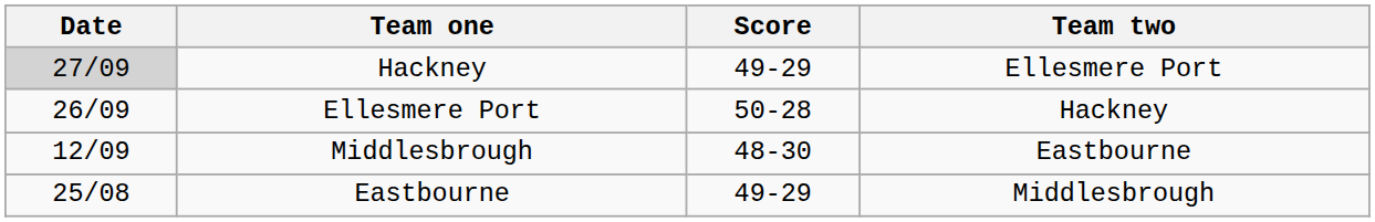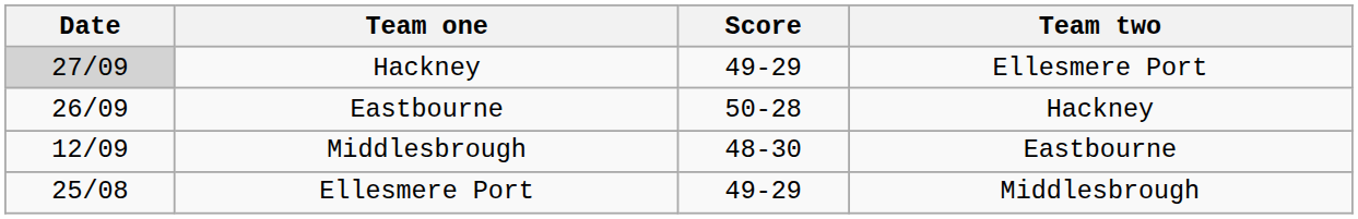 <table class="wikitable" style="text-align: center">
 <tr>
 <th width=80>Date</th>
 <th width=250>Team one</th>
 <th width=80>Score</th>
 <th width=250>Team two</th>
 </tr>
 <tr>
 <td style="background: lightgrey;">27/09</td>
 <td>Hackney</td>
 <td>49-29</td>
 <td>Ellesmere Port</td>
 </tr>
 <tr>
 <td>26/09</td>
-<td>Ellesmere Port</td>
+<td>Eastbourne</td>
 <td>50-28</td>
 <td>Hackney</td>
 </tr>
 <tr>
 <td>12/09</td>
 <td>Middlesbrough</td>
 <td>48-30</td>
 <td>Eastbourne</td>
 </tr>
 <tr>
 <td>25/08</td>
-<td>Eastbourne</td>
+<td>Ellesmere Port</td>
 <td>49-29</td>
 <td>Middlesbrough</td>
 </tr>
 </table>
